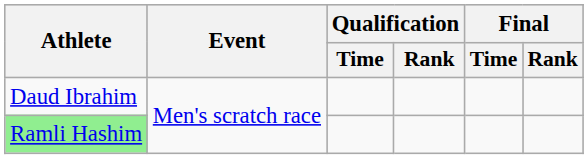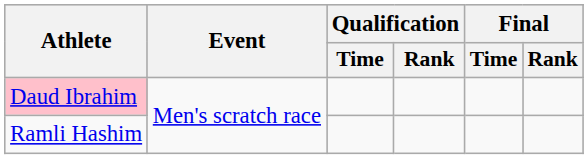 <table class="wikitable" style="font-size:90%;">
 <tr>
 <th rowspan=2>Athlete</th>
 <th rowspan=2>Event</th>
 <th colspan=2>Qualification</th>
 <th colspan=2>Final</th>
 </tr>
 <tr style="font-size:95%">
 <th>Time</th>
 <th>Rank</th>
 <th>Time</th>
 <th>Rank</th>
 </tr>
 <tr align=center>
-<td align=left><a href='#'>Daud Ibrahim</a></td>
+<td align=left style="background: pink;"><a href='#'>Daud Ibrahim</a></td>
 <td align=left rowspan=2><a href='#'>Men's scratch race</a></td>
 <td></td>
 <td></td>
 <td></td>
 <td></td>
 </tr>
 <tr align=center>
-<td align=left style="background: lightgreen;"><a href='#'>Ramli Hashim</a></td>
+<td align=left><a href='#'>Ramli Hashim</a></td>
 <td></td>
 <td></td>
 <td></td>
 <td></td>
 </tr>
 </table>
